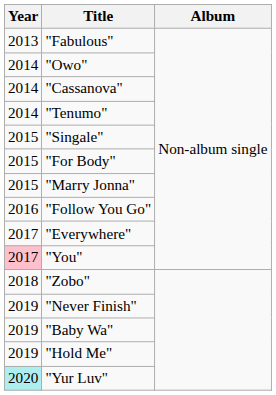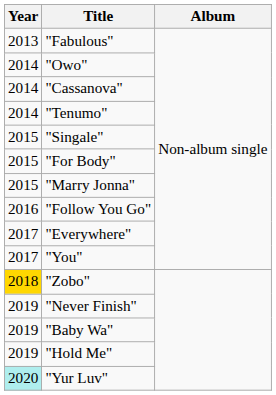 <table class="wikitable sortable">
 <tr>
 <th>Year</th>
 <th>Title</th>
 <th>Album</th>
 </tr>
 <tr>
 <td rowspan="">2013</td>
 <td>"Fabulous"</td>
 <td rowspan="10">Non-album single</td>
 </tr>
 <tr>
 <td>2014</td>
 <td>"Owo"</td>
 </tr>
 <tr>
 <td>2014</td>
 <td>"Cassanova"</td>
 </tr>
 <tr>
 <td>2014</td>
 <td>"Tenumo"</td>
 </tr>
 <tr>
 <td>2015</td>
 <td>"Singale"</td>
 </tr>
 <tr>
 <td>2015</td>
 <td>"For Body"</td>
 </tr>
 <tr>
 <td>2015</td>
 <td>"Marry Jonna"</td>
 </tr>
 <tr>
 <td>2016</td>
 <td>"Follow You Go"</td>
 </tr>
 <tr>
 <td>2017</td>
 <td>"Everywhere"</td>
 </tr>
 <tr>
-<td style="background: pink;">2017</td>
+<td>2017</td>
 <td>"You"</td>
 </tr>
 <tr>
-<td>2018</td>
+<td style="background: gold;">2018</td>
 <td>"Zobo"</td>
 </tr>
 <tr>
 <td>2019</td>
 <td>"Never Finish"</td>
 </tr>
 <tr>
 <td>2019</td>
 <td>"Baby Wa"</td>
 </tr>
 <tr>
 <td>2019</td>
 <td>"Hold Me"</td>
 </tr>
 <tr>
 <td style="background: paleturquoise;">2020</td>
 <td>"Yur Luv"</td>
 </tr>
 </table>
